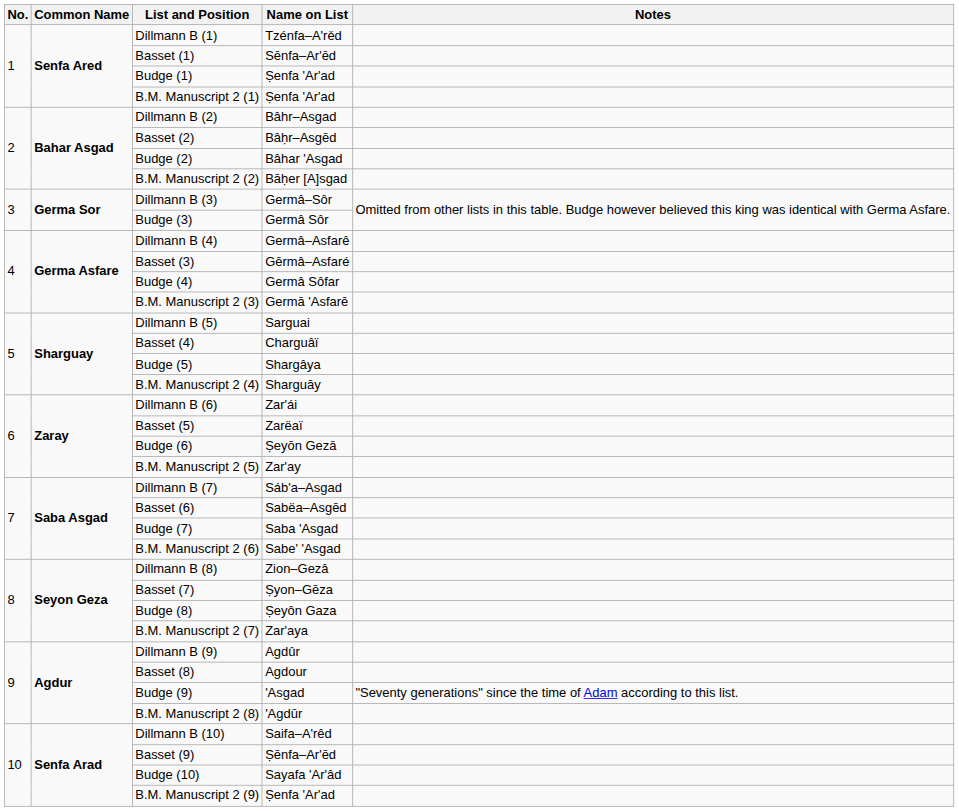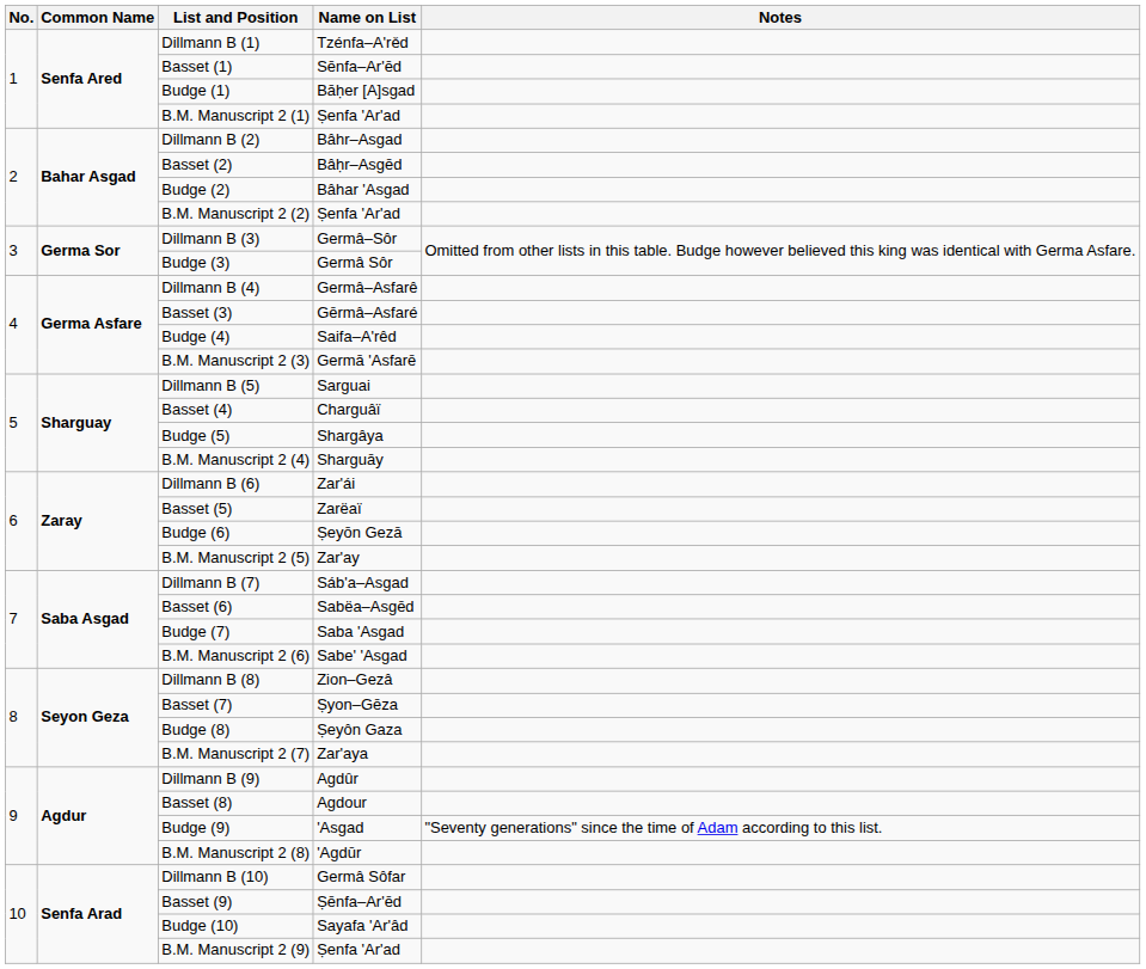 <table class="wikitable">
 <tr>
 <th>No.</th>
 <th>Common Name</th>
 <th>List and Position</th>
 <th>Name on List</th>
 <th>Notes</th>
 </tr>
 <tr>
 <td rowspan="4">1</td>
 <td rowspan="4"><strong>Senfa Ared</strong></td>
 <td>Dillmann B (1)</td>
 <td>Tzénfa–A'rěd</td>
 <td></td>
 </tr>
 <tr>
 <td>Basset (1)</td>
 <td>Sēnfa–Ar'ēd</td>
 <td></td>
 </tr>
 <tr>
 <td>Budge (1)</td>
-<td>Ṣenfa 'Ar'ad</td>
+<td>Bāḥer [A]sgad</td>
 <td></td>
 </tr>
 <tr>
 <td>B.M. Manuscript 2 (1)</td>
 <td>Ṣenfa 'Ar'ad</td>
 <td></td>
 </tr>
 <tr>
 <td rowspan="4">2</td>
 <td rowspan="4"><strong>Bahar Asgad</strong></td>
 <td>Dillmann B (2)</td>
 <td>Bâhr–Asgad</td>
 <td></td>
 </tr>
 <tr>
 <td>Basset (2)</td>
 <td>Bâḥr–Asgēd</td>
 <td></td>
 </tr>
 <tr>
 <td>Budge (2)</td>
 <td>Bâhar 'Asgad</td>
 <td></td>
 </tr>
 <tr>
 <td>B.M. Manuscript 2 (2)</td>
-<td>Bāḥer [A]sgad</td>
+<td>Ṣenfa 'Ar'ad</td>
 <td></td>
 </tr>
 <tr>
 <td rowspan="2">3</td>
 <td rowspan="2"><strong>Germa Sor</strong></td>
 <td>Dillmann B (3)</td>
 <td>Germâ–Sôr</td>
 <td rowspan="2">Omitted from other lists in this table. Budge however believed this king was identical with Germa Asfare.</td>
 </tr>
 <tr>
 <td>Budge (3)</td>
 <td>Germâ Sôr</td>
 </tr>
 <tr>
 <td rowspan="4">4</td>
 <td rowspan="4"><strong>Germa Asfare</strong></td>
 <td>Dillmann B (4)</td>
 <td>Germâ–Asfarê</td>
 <td></td>
 </tr>
 <tr>
 <td>Basset (3)</td>
 <td>Gērmâ–Asfaré</td>
 <td></td>
 </tr>
 <tr>
 <td>Budge (4)</td>
-<td>Germâ Sôfar</td>
+<td>Saifa–A'rêd</td>
 <td></td>
 </tr>
 <tr>
 <td>B.M. Manuscript 2 (3)</td>
 <td>Germā 'Asfarē</td>
 <td></td>
 </tr>
 <tr>
 <td rowspan="4">5</td>
 <td rowspan="4"><strong>Sharguay</strong></td>
 <td>Dillmann B (5)</td>
 <td>Sarguai</td>
 <td></td>
 </tr>
 <tr>
 <td>Basset (4)</td>
 <td>Charguâï</td>
 <td></td>
 </tr>
 <tr>
 <td>Budge (5)</td>
 <td>Shargâya</td>
 <td></td>
 </tr>
 <tr>
 <td>B.M. Manuscript 2 (4)</td>
 <td>Sharguāy</td>
 <td></td>
 </tr>
 <tr>
 <td rowspan="4">6</td>
 <td rowspan="4"><strong>Zaray</strong></td>
 <td>Dillmann B (6)</td>
 <td>Zar'ái</td>
 <td></td>
 </tr>
 <tr>
 <td>Basset (5)</td>
 <td>Zarëaï</td>
 <td></td>
 </tr>
 <tr>
 <td>Budge (6)</td>
 <td>Ṣeyōn Gezā</td>
 <td></td>
 </tr>
 <tr>
 <td>B.M. Manuscript 2 (5)</td>
 <td>Zar'ay</td>
 <td></td>
 </tr>
 <tr>
 <td rowspan="4">7</td>
 <td rowspan="4"><strong>Saba Asgad</strong></td>
 <td>Dillmann B (7)</td>
 <td>Sáb'a–Asgad</td>
 <td></td>
 </tr>
 <tr>
 <td>Basset (6)</td>
 <td>Sabëa–Asgēd</td>
 <td></td>
 </tr>
 <tr>
 <td>Budge (7)</td>
 <td>Saba 'Asgad</td>
 <td></td>
 </tr>
 <tr>
 <td>B.M. Manuscript 2 (6)</td>
 <td>Sabe' 'Asgad</td>
 <td></td>
 </tr>
 <tr>
 <td rowspan="4">8</td>
 <td rowspan="4"><strong>Seyon Geza</strong></td>
 <td>Dillmann B (8)</td>
 <td>Zion–Gezâ</td>
 <td></td>
 </tr>
 <tr>
 <td>Basset (7)</td>
 <td>Ṣyon–Gēza</td>
 <td></td>
 </tr>
 <tr>
 <td>Budge (8)</td>
 <td>Ṣeyôn Gaza</td>
 <td></td>
 </tr>
 <tr>
 <td>B.M. Manuscript 2 (7)</td>
 <td>Zar'aya</td>
 <td></td>
 </tr>
 <tr>
 <td rowspan="4">9</td>
 <td rowspan="4"><strong>Agdur</strong></td>
 <td>Dillmann B (9)</td>
 <td>Agdûr</td>
 <td></td>
 </tr>
 <tr>
 <td>Basset (8)</td>
 <td>Agdour</td>
 <td></td>
 </tr>
 <tr>
 <td>Budge (9)</td>
 <td>'Asgad</td>
 <td>"Seventy generations" since the time of <a href='#'>Adam</a> according to this list.</td>
 </tr>
 <tr>
 <td>B.M. Manuscript 2 (8)</td>
 <td>'Agdūr</td>
 <td></td>
 </tr>
 <tr>
 <td rowspan="4">10</td>
 <td rowspan="4"><strong>Senfa Arad</strong></td>
 <td>Dillmann B (10)</td>
-<td>Saifa–A'rêd</td>
+<td>Germâ Sôfar</td>
 <td></td>
 </tr>
 <tr>
 <td>Basset (9)</td>
 <td>Ṣēnfa–Ar'ēd</td>
 <td></td>
 </tr>
 <tr>
 <td>Budge (10)</td>
 <td>Sayafa 'Ar'âd</td>
 <td></td>
 </tr>
 <tr>
 <td>B.M. Manuscript 2 (9)</td>
 <td>Ṣenfa 'Ar'ad</td>
 <td></td>
 </tr>
 </table>
